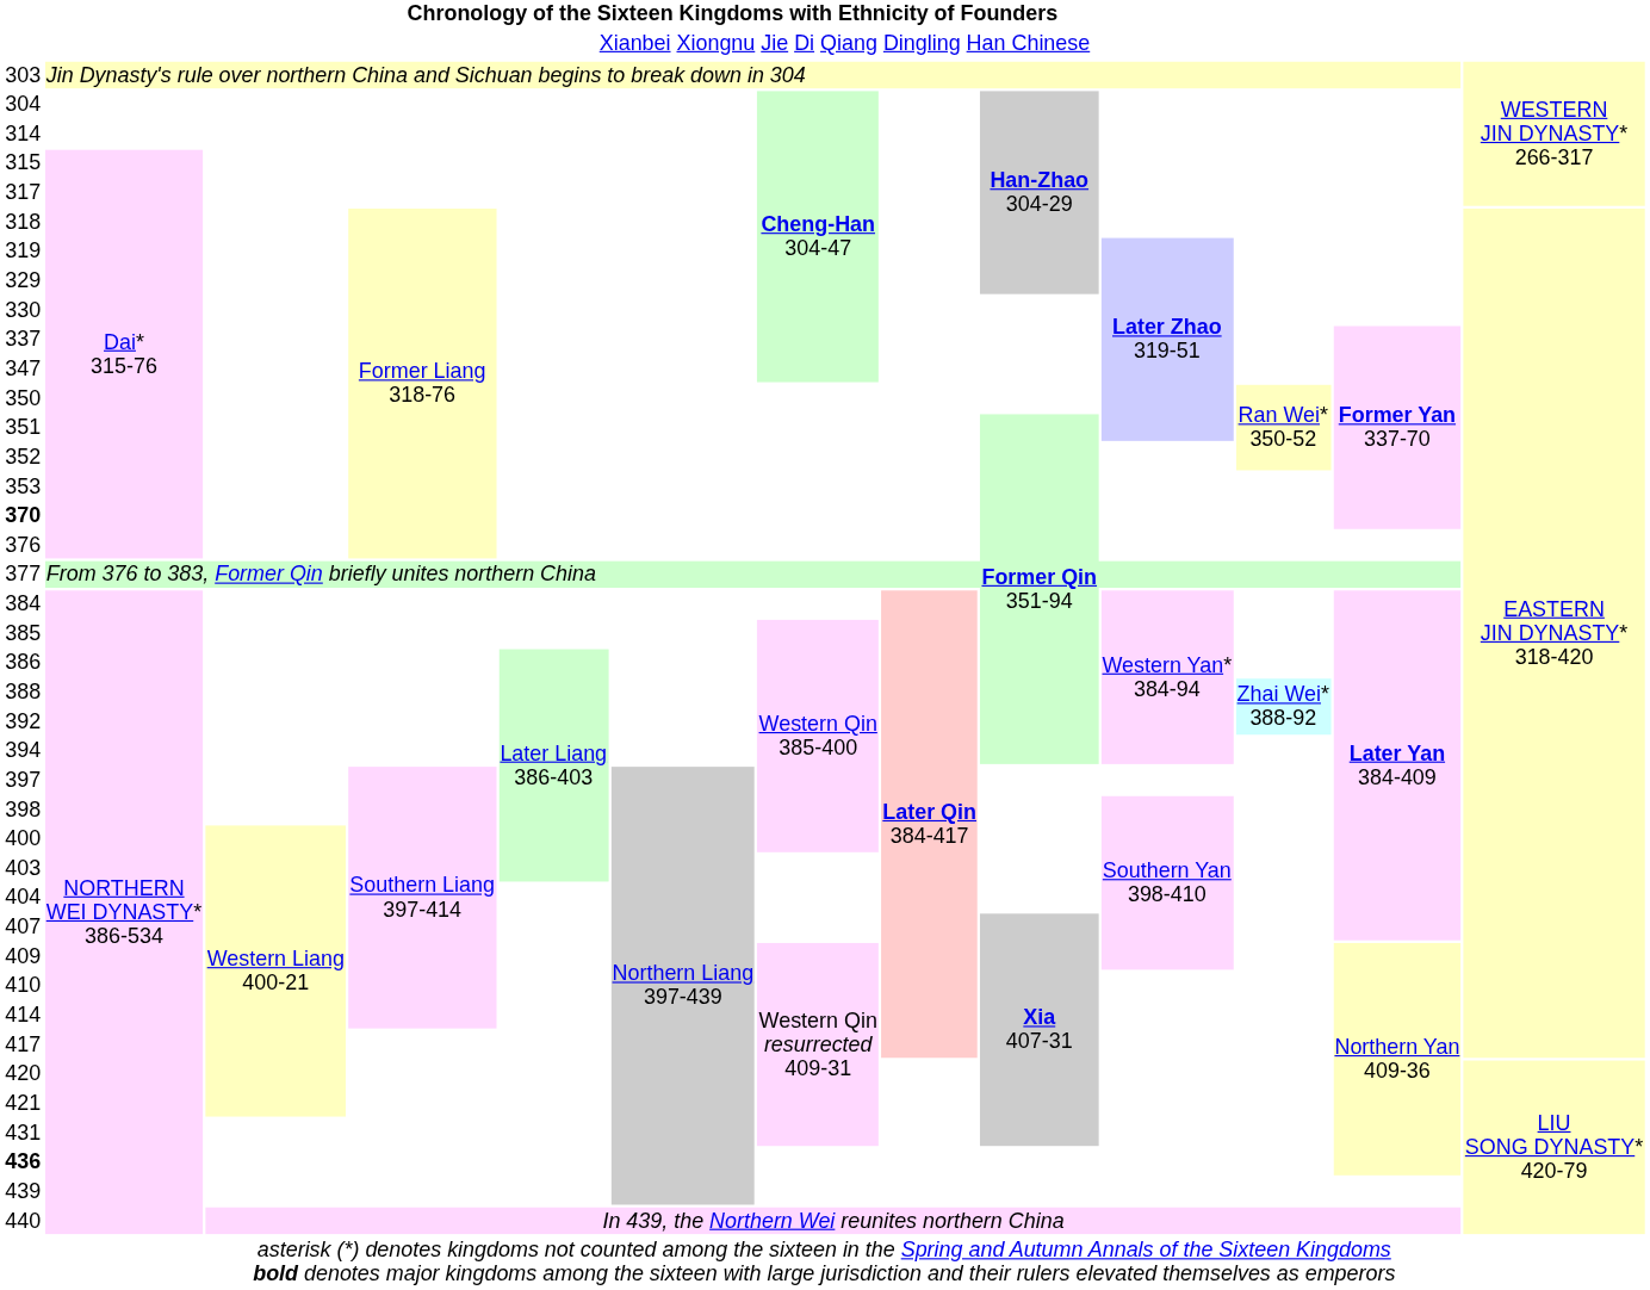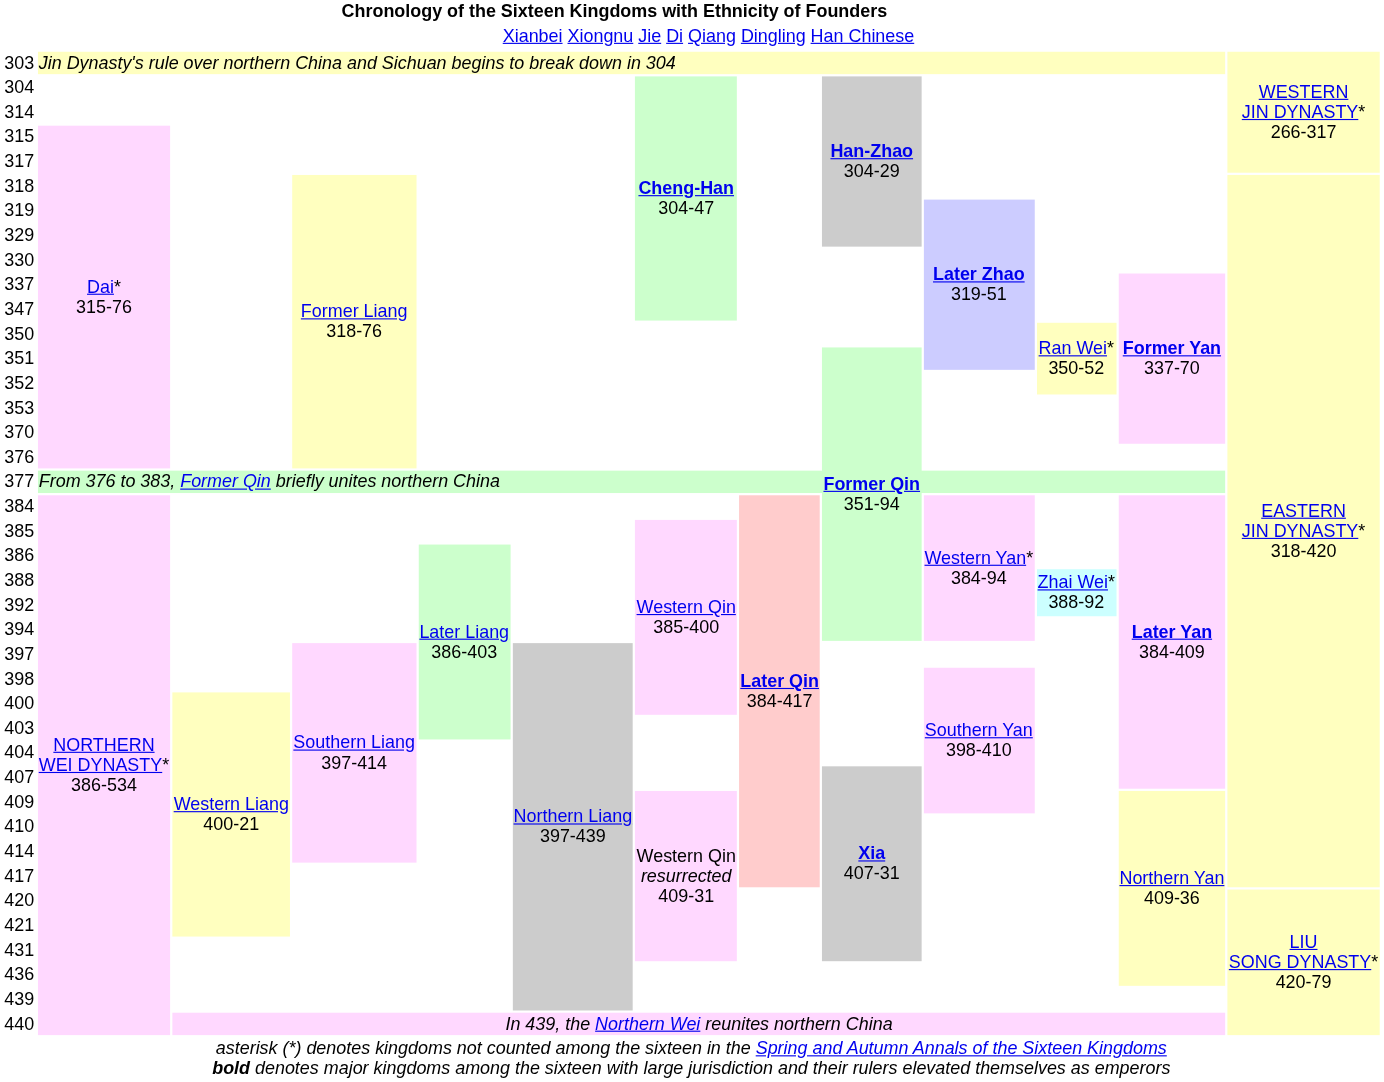 <table>
 <tr>
 <td colspan=12 ALIGN="center"><strong>Chronology of the Sixteen Kingdoms with Ethnicity of Founders</strong></td>
 </tr>
 <tr>
 <td></td>
 <td colspan=12 ALIGN="center"> <a href='#'>Xianbei</a>  <a href='#'>Xiongnu</a>  <a href='#'>Jie</a>  <a href='#'>Di</a>  <a href='#'>Qiang</a>  <a href='#'>Dingling</a>  <a href='#'>Han Chinese</a></td>
 </tr>
 <tr>
 </tr>
 <tr>
 <td>303</td>
 <td align="left" COLSPAN=11 style="background:#FFFFBF"><em>Jin Dynasty's rule over northern China and Sichuan begins to break down in 304</em></td>
 <td align="center" ROWSPAN=5 style="background:#FFFFBF;"><a href='#'>WESTERN<br>JIN DYNASTY</a>*<br>266-317</td>
 </tr>
 <tr>
 <td>304</td>
 <td></td>
 <td></td>
 <td></td>
 <td></td>
 <td></td>
 <td align="center" ROWSPAN=10 style="background:#CCFFCC;"><strong><a href='#'>Cheng-Han</a></strong><br>304-47</td>
 <td></td>
 <td ALIGN="CENTER" ROWSPAN=7 style="background:#CCCCCC;"><strong><a href='#'>Han-Zhao</a></strong><br>304-29</td>
 <td></td>
 <td></td>
 <td></td>
 <td></td>
 </tr>
 <tr>
 <td>314</td>
 <td></td>
 <td></td>
 <td></td>
 <td></td>
 <td></td>
 <td></td>
 <td></td>
 <td></td>
 </tr>
 <tr>
 <td>315</td>
 <td align="center" ROWSPAN=14 style="background:#FFD8FF;"><a href='#'>Dai</a>*<br>315-76</td>
 <td></td>
 <td></td>
 <td></td>
 <td></td>
 <td></td>
 <td></td>
 <td></td>
 </tr>
 <tr>
 <td>317</td>
 <td></td>
 <td></td>
 <td></td>
 <td></td>
 <td></td>
 <td></td>
 <td></td>
 </tr>
 <tr>
 <td>318</td>
 <td></td>
 <td align="center" ROWSPAN=12 style="background:#FFFFBF;"><a href='#'>Former Liang</a><br>318-76</td>
 <td></td>
 <td></td>
 <td></td>
 <td></td>
 <td></td>
 <td></td>
 <td align="center" ROWSPAN=29 style="background:#FFFFBF;"><a href='#'>EASTERN<br>JIN DYNASTY</a>*<br>318-420</td>
 </tr>
 <tr>
 <td>319</td>
 <td></td>
 <td></td>
 <td></td>
 <td></td>
 <td align="center" ROWSPAN=7 style="background:#CCCCFF;"><strong><a href='#'>Later Zhao</a></strong><br>319-51</td>
 <td></td>
 <td></td>
 </tr>
 <tr>
 <td>329</td>
 <td></td>
 <td></td>
 <td></td>
 <td></td>
 <td></td>
 <td></td>
 </tr>
 <tr>
 <td>330</td>
 <td></td>
 <td></td>
 <td></td>
 <td></td>
 <td></td>
 <td></td>
 <td></td>
 </tr>
 <tr>
 <td>337</td>
 <td></td>
 <td></td>
 <td></td>
 <td></td>
 <td></td>
 <td></td>
 <td align="center" ROWSPAN=7 style="background:#FFD8FF;"><strong><a href='#'>Former Yan</a></strong><br>337-70</td>
 </tr>
 <tr>
 <td>347</td>
 <td></td>
 <td></td>
 <td></td>
 <td></td>
 <td></td>
 <td></td>
 </tr>
 <tr>
 <td>350</td>
 <td></td>
 <td></td>
 <td></td>
 <td></td>
 <td></td>
 <td></td>
 <td align="center" ROWSPAN=3 style="background:#FFFFBF;"><a href='#'>Ran Wei</a>*<br>350-52</td>
 </tr>
 <tr>
 <td>351</td>
 <td></td>
 <td></td>
 <td></td>
 <td></td>
 <td></td>
 <td align="center" ROWSPAN=12 style="background:#CCFFCC;"><strong><a href='#'>Former Qin</a></strong><br>351-94</td>
 </tr>
 <tr>
 <td>352</td>
 <td></td>
 <td></td>
 <td></td>
 <td></td>
 <td></td>
 <td></td>
 </tr>
 <tr>
 <td>353</td>
 <td></td>
 <td></td>
 <td></td>
 <td></td>
 <td></td>
 <td></td>
 <td></td>
 </tr>
 <tr>
-<td><strong>370</strong></td>
+<td>370</td>
 <td></td>
 <td></td>
 <td></td>
 <td></td>
 <td></td>
 <td></td>
 <td></td>
 </tr>
 <tr>
 <td>376</td>
 <td></td>
 <td></td>
 <td></td>
 <td></td>
 <td></td>
 <td></td>
 <td></td>
 <td></td>
 </tr>
 <tr>
 <td>377</td>
 <td align="left" COLSPAN=11 style="background:#CCFFCC"><em>From 376 to 383, <a href='#'>Former Qin</a> briefly unites northern China</em></td>
 </tr>
 <tr>
 <td>384</td>
 <td align="CENTER" ROWSPAN=22 style="background:#FFD8FF;"><a href='#'>NORTHERN<br>WEI DYNASTY</a>*<br>386-534</td>
 <td></td>
 <td></td>
 <td></td>
 <td></td>
 <td></td>
 <td ALIGN="CENTER" ROWSPAN=16 style="background:#FFCCCC;"><strong><a href='#'>Later Qin</a></strong><br>384-417</td>
 <td rowspan="6" align="CENTER" style="background:#FFD8FF;"><a href='#'>Western Yan</a>*<br>384-94</td>
 <td></td>
 <td ALIGN="CENTER" ROWSPAN=12 style="background:#FFD8FF;"><strong><a href='#'>Later Yan</a></strong><br>384-409</td>
 </tr>
 <tr>
 <td>385</td>
 <td></td>
 <td></td>
 <td></td>
 <td></td>
 <td align="center" ROWSPAN=8 style="background:#FFD8FF;"><a href='#'>Western Qin</a><br>385-400</td>
 <td></td>
 </tr>
 <tr>
 <td>386</td>
 <td></td>
 <td></td>
 <td align="center" ROWSPAN=8 style="background:#CCFFCC;"><a href='#'>Later Liang</a><br>386-403</td>
 <td></td>
 </tr>
 <tr>
 <td>388</td>
 <td></td>
 <td></td>
 <td></td>
 <td align="center" ROWSPAN=2 style="background:#CCFFFF"><a href='#'>Zhai Wei</a>*<br>388-92</td>
 </tr>
 <tr>
 <td>392</td>
 <td></td>
 <td></td>
 <td></td>
 </tr>
 <tr>
 <td>394</td>
 <td></td>
 <td></td>
 <td></td>
 <td></td>
 </tr>
 <tr>
 <td>397</td>
 <td></td>
 <td align="center" ROWSPAN=9 style="background:#FFD8FF;"><a href='#'>Southern Liang</a><br>397-414</td>
 <td align="center" ROWSPAN=15 style="background:#CCCCCC;"><a href='#'>Northern Liang</a><br>397-439</td>
 <td></td>
 <td></td>
 <td></td>
 </tr>
 <tr>
 <td>398</td>
 <td></td>
 <td></td>
 <td align="center" ROWSPAN=6 style="background:#FFD8FF;"><a href='#'>Southern Yan</a><br>398-410</td>
 <td></td>
 </tr>
 <tr>
 <td>400</td>
 <td align="center" ROWSPAN=10 style="background:#FFFFBF;"><a href='#'>Western Liang</a><br>400-21</td>
 <td></td>
 <td></td>
 </tr>
 <tr>
 <td>403</td>
 <td></td>
 <td></td>
 <td></td>
 </tr>
 <tr>
 <td>404</td>
 <td></td>
 <td></td>
 <td></td>
 <td></td>
 </tr>
 <tr>
 <td>407</td>
 <td></td>
 <td></td>
 <td align="center" ROWSPAN=8 style="background:#CCCCCC;"><strong><a href='#'>Xia</a></strong><br>407-31</td>
 <td></td>
 </tr>
 <tr>
 <td>409</td>
 <td></td>
 <td align="center" ROWSPAN=7 style="background:#FFD8FF;">Western Qin<br><em>resurrected</em><br>409-31</td>
 <td></td>
 <td align="center" ROWSPAN=8 style="background:#FFFFBF"><a href='#'>Northern Yan</a><br>409-36</td>
 </tr>
 <tr>
 <td>410</td>
 <td></td>
 <td></td>
 </tr>
 <tr>
 <td>414</td>
 <td></td>
 <td></td>
 <td></td>
 </tr>
 <tr>
 <td>417</td>
 <td></td>
 <td></td>
 <td></td>
 <td></td>
 </tr>
 <tr>
 <td>420</td>
 <td></td>
 <td></td>
 <td></td>
 <td></td>
 <td></td>
 <td align="center" ROWSPAN=6 style="background:#FFFFBF;"><a href='#'>LIU<br>SONG DYNASTY</a>*<br>420-79</td>
 </tr>
 <tr>
 <td>421</td>
 <td></td>
 <td></td>
 <td></td>
 <td></td>
 </tr>
 <tr>
 <td>431</td>
 <td></td>
 <td></td>
 <td></td>
 <td></td>
 <td></td>
 <td></td>
 </tr>
 <tr>
-<td><strong>436</strong></td>
+<td>436</td>
 <td></td>
 <td></td>
 <td></td>
 <td></td>
 <td></td>
 <td></td>
 <td></td>
 <td></td>
 </tr>
 <tr>
 <td>439</td>
 <td></td>
 <td></td>
 <td></td>
 <td></td>
 <td></td>
 <td></td>
 <td></td>
 <td></td>
 </tr>
 <tr>
 <td>440</td>
 <td ALIGN="center" COLSPAN=10 style="background:#FFD8FF"><em>In 439, the <a href='#'>Northern Wei</a> reunites northern China</em></td>
 </tr>
 <tr>
 <td colspan=13 align="center"><em>asterisk (*) denotes kingdoms not counted among the sixteen in the <a href='#'>Spring and Autumn Annals of the Sixteen Kingdoms</a><br><strong>bold</strong> denotes major kingdoms among the sixteen with large jurisdiction and their rulers elevated themselves as emperors</em></td>
 </tr>
 </table>
